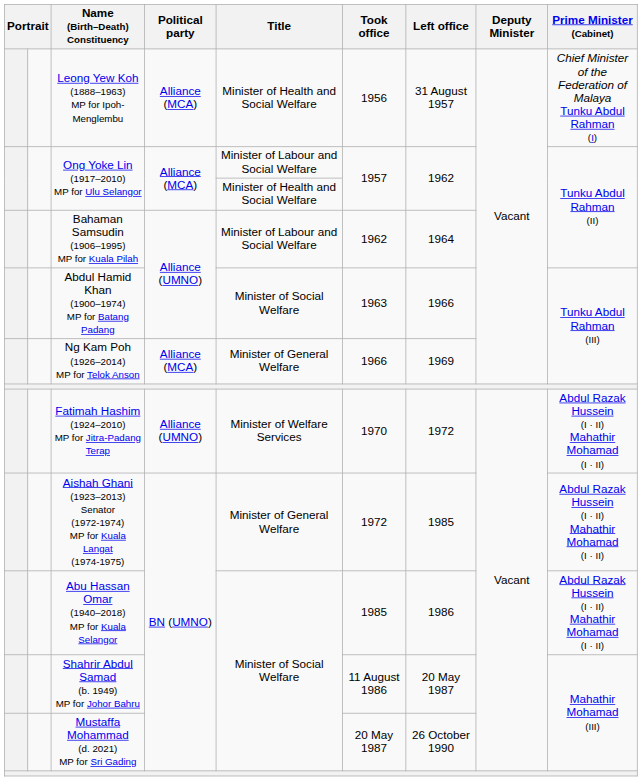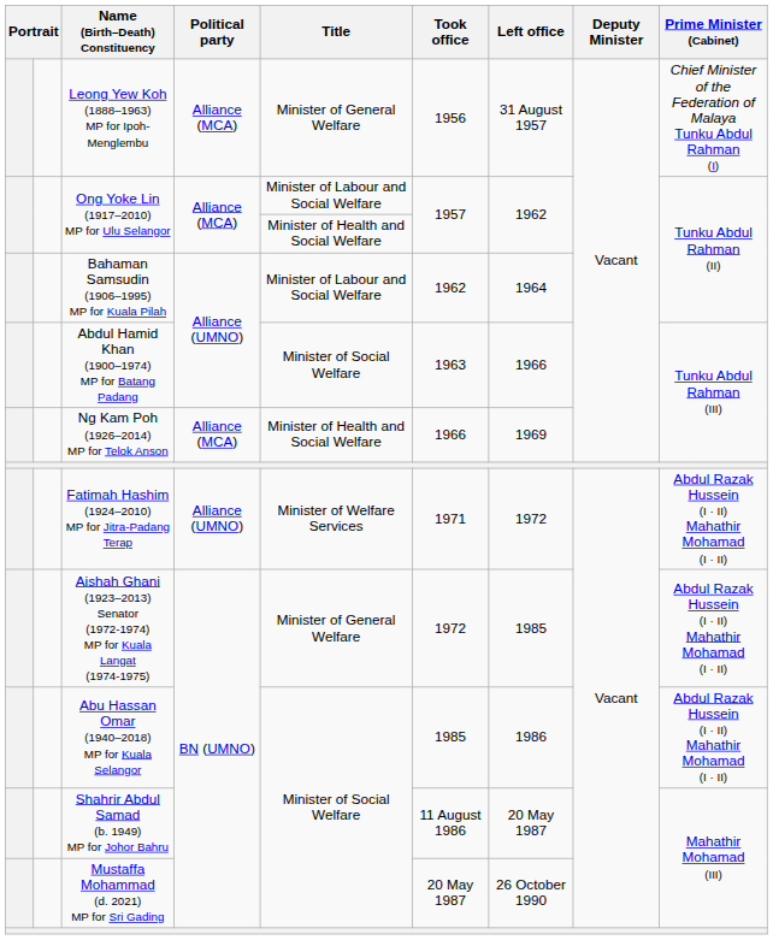 <table class="wikitable" style="text-align:center;">
 <tr>
 <th colspan=2>Portrait</th>
 <th>Name<br><small>(Birth–Death)<br>Constituency</small></th>
 <th>Political party</th>
 <th>Title</th>
 <th>Took office</th>
 <th>Left office</th>
 <th>Deputy Minister</th>
 <th><a href='#'>Prime Minister</a><br><small>(Cabinet)</small></th>
 </tr>
 <tr>
 <th style="background:"></th>
 <td></td>
 <td><a href='#'>Leong Yew Koh</a><br><small>(1888–1963)<br>MP for Ipoh-Menglembu</small></td>
 <td><a href='#'>Alliance</a> (<a href='#'>MCA</a>)</td>
-<td>Minister of Health and Social Welfare</td>
+<td>Minister of General Welfare</td>
 <td>1956</td>
 <td>31 August 1957</td>
 <td rowspan="6">Vacant</td>
 <td><em>Chief Minister of the <br>Federation of Malaya</em><br><a href='#'>Tunku Abdul Rahman</a><br><small>(<a href='#'>I</a>)</small></td>
 </tr>
 <tr>
 <th rowspan=2 style="background:"></th>
 <td rowspan=2></td>
 <td rowspan=2><a href='#'>Ong Yoke Lin</a><br><small>(1917–2010)<br>MP for <a href='#'>Ulu Selangor</a></small></td>
 <td rowspan=2><a href='#'>Alliance</a> (<a href='#'>MCA</a>)</td>
 <td>Minister of Labour and Social Welfare</td>
 <td rowspan=2>1957</td>
 <td rowspan=2>1962</td>
 <td rowspan="3"><a href='#'>Tunku Abdul Rahman</a><br><small>(II)</small></td>
 </tr>
 <tr>
 <td>Minister of Health and Social Welfare</td>
 </tr>
 <tr>
 <th style="background:"></th>
 <td></td>
 <td>Bahaman Samsudin <br><small>(1906–1995)<br>MP for <a href='#'>Kuala Pilah</a></small></td>
 <td rowspan=2><a href='#'>Alliance</a> (<a href='#'>UMNO</a>)</td>
 <td>Minister of Labour and Social Welfare</td>
 <td>1962</td>
 <td>1964</td>
 </tr>
 <tr>
 <th style="background:"></th>
 <td></td>
 <td>Abdul Hamid Khan <br><small>(1900–1974)<br>MP for <a href='#'>Batang Padang</a></small></td>
 <td>Minister of Social Welfare</td>
 <td>1963</td>
 <td>1966</td>
 <td rowspan="2"><a href='#'>Tunku Abdul Rahman</a><br><small>(III)</small></td>
 </tr>
 <tr>
 <th style="background:"></th>
 <td></td>
 <td>Ng Kam Poh <br><small>(1926–2014)<br>MP for <a href='#'>Telok Anson</a></small></td>
 <td><a href='#'>Alliance</a> (<a href='#'>MCA</a>)</td>
-<td>Minister of General Welfare</td>
+<td>Minister of Health and Social Welfare</td>
 <td>1966</td>
 <td>1969</td>
 </tr>
 <tr>
 <th colspan="9" bgcolor="cccccc"></th>
 </tr>
 <tr>
 <th style="background:"></th>
 <td></td>
 <td><a href='#'>Fatimah Hashim</a><br><small>(1924–2010)<br>MP for <a href='#'>Jitra-Padang Terap</a></small></td>
 <td><a href='#'>Alliance</a> (<a href='#'>UMNO</a>)</td>
 <td>Minister of Welfare Services</td>
-<td>1970</td>
+<td>1971</td>
 <td>1972</td>
 <td rowspan="5">Vacant</td>
 <td><a href='#'>Abdul Razak Hussein</a><br><small>(I · II)</small><br><a href='#'>Mahathir Mohamad</a><br><small>(I · II)</small></td>
 </tr>
 <tr>
 <th style="background:"></th>
 <td></td>
 <td><a href='#'>Aishah Ghani</a><br><small>(1923–2013)<br>Senator<br>(1972-1974)<br>MP for <a href='#'>Kuala Langat</a><br>(1974-1975)</small></td>
 <td rowspan=4><a href='#'>BN</a> (<a href='#'>UMNO</a>)</td>
 <td>Minister of General Welfare</td>
 <td>1972</td>
 <td>1985</td>
 <td><a href='#'>Abdul Razak Hussein</a><br><small>(I · II)</small><br><a href='#'>Mahathir Mohamad</a><br><small>(I · II)</small></td>
 </tr>
 <tr>
 <th style="background:"></th>
 <td></td>
 <td><a href='#'>Abu Hassan Omar</a><br><small>(1940–2018)<br>MP for <a href='#'>Kuala Selangor</a></small></td>
 <td rowspan=3>Minister of Social Welfare</td>
 <td>1985</td>
 <td>1986</td>
 <td><a href='#'>Abdul Razak Hussein</a><br><small>(I · II)</small><br><a href='#'>Mahathir Mohamad</a><br><small>(I · II)</small></td>
 </tr>
 <tr>
 <th style="background:"></th>
 <td></td>
 <td><a href='#'>Shahrir Abdul Samad</a><br><small>(b. 1949)<br>MP for <a href='#'>Johor Bahru</a></small></td>
 <td>11 August 1986</td>
 <td>20 May 1987</td>
 <td rowspan="2"><a href='#'>Mahathir Mohamad</a><br><small>(III)</small></td>
 </tr>
 <tr>
 <th style="background:"></th>
 <td></td>
 <td><a href='#'>Mustaffa Mohammad</a><br><small>(d. 2021)<br>MP for <a href='#'>Sri Gading</a></small></td>
 <td>20 May 1987</td>
 <td>26 October 1990</td>
 </tr>
 <tr>
 <th colspan="9" bgcolor="cccccc"></th>
 </tr>
 </table>
